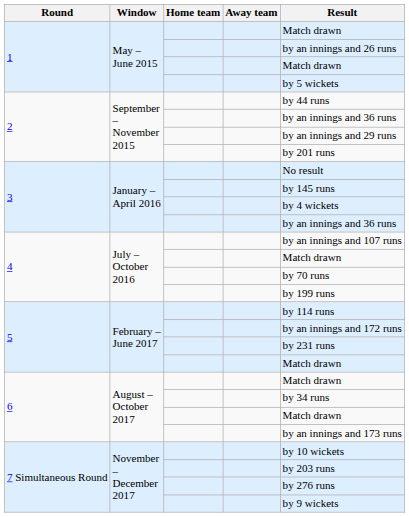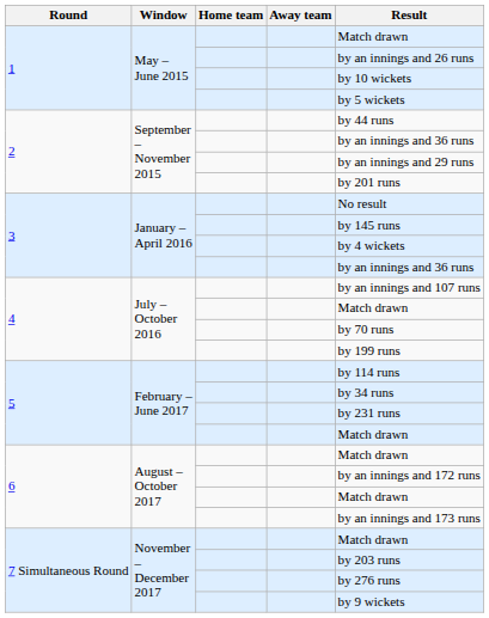 <table class="wikitable sortable">
 <tr>
 <th>Round</th>
 <th style="width:70px">Window</th>
 <th>Home team</th>
 <th>Away team</th>
 <th>Result</th>
 </tr>
 <tr style="background:#ddeeff">
 <td rowspan=4><a href='#'>1</a></td>
 <td rowspan=4>May – June 2015</td>
 <td></td>
 <td></td>
 <td>Match drawn</td>
 </tr>
 <tr style="background:#ddeeff">
 <td></td>
 <td></td>
 <td> by an innings and 26 runs</td>
 </tr>
 <tr style="background:#ddeeff">
 <td></td>
 <td></td>
-<td>Match drawn</td>
+<td> by 10 wickets</td>
 </tr>
 <tr style="background:#ddeeff">
 <td></td>
 <td></td>
 <td> by 5 wickets</td>
 </tr>
 <tr>
 <td rowspan=4><a href='#'>2</a></td>
 <td rowspan=4>September – November 2015</td>
 <td></td>
 <td></td>
 <td> by 44 runs</td>
 </tr>
 <tr>
 <td></td>
 <td></td>
 <td> by an innings and 36 runs</td>
 </tr>
 <tr>
 <td></td>
 <td></td>
 <td> by an innings and 29 runs</td>
 </tr>
 <tr>
 <td></td>
 <td></td>
 <td> by 201 runs</td>
 </tr>
 <tr style="background:#ddeeff">
 <td rowspan=4><a href='#'>3</a></td>
 <td rowspan=4>January – April 2016</td>
 <td></td>
 <td></td>
 <td>No result</td>
 </tr>
 <tr style="background:#ddeeff">
 <td></td>
 <td></td>
 <td> by 145 runs</td>
 </tr>
 <tr style="background:#ddeeff">
 <td></td>
 <td></td>
 <td> by 4 wickets</td>
 </tr>
 <tr style="background:#ddeeff">
 <td></td>
 <td></td>
 <td> by an innings and 36 runs</td>
 </tr>
 <tr>
 <td rowspan=4><a href='#'>4</a></td>
 <td rowspan=4>July – October 2016</td>
 <td></td>
 <td></td>
 <td> by an innings and 107 runs</td>
 </tr>
 <tr>
 <td></td>
 <td></td>
 <td>Match drawn</td>
 </tr>
 <tr>
 <td></td>
 <td></td>
 <td> by 70 runs</td>
 </tr>
 <tr>
 <td></td>
 <td></td>
 <td> by 199 runs</td>
 </tr>
 <tr style="background:#ddeeff">
 <td rowspan=4><a href='#'>5</a></td>
 <td rowspan=4>February – June 2017</td>
 <td></td>
 <td></td>
 <td> by 114 runs</td>
 </tr>
 <tr style="background:#ddeeff">
 <td></td>
 <td></td>
-<td> by an innings and 172 runs</td>
+<td> by 34 runs</td>
 </tr>
 <tr style="background:#ddeeff">
 <td></td>
 <td></td>
 <td> by 231 runs</td>
 </tr>
 <tr style="background:#ddeeff">
 <td></td>
 <td></td>
 <td>Match drawn</td>
 </tr>
 <tr>
 <td rowspan=4><a href='#'>6</a></td>
 <td rowspan=4>August – October 2017</td>
 <td></td>
 <td></td>
 <td>Match drawn</td>
 </tr>
 <tr>
 <td></td>
 <td></td>
-<td> by 34 runs</td>
+<td> by an innings and 172 runs</td>
 </tr>
 <tr>
 <td></td>
 <td></td>
 <td>Match drawn</td>
 </tr>
 <tr>
 <td></td>
 <td></td>
 <td> by an innings and 173 runs</td>
 </tr>
 <tr style="background:#ddeeff">
 <td rowspan=4><a href='#'>7</a> Simultaneous Round</td>
 <td rowspan=4>November – December 2017</td>
 <td></td>
 <td></td>
-<td> by 10 wickets</td>
+<td>Match drawn</td>
 </tr>
 <tr style="background:#ddeeff">
 <td></td>
 <td></td>
 <td> by 203 runs</td>
 </tr>
 <tr style="background:#ddeeff">
 <td></td>
 <td></td>
 <td> by 276 runs</td>
 </tr>
 <tr style="background:#ddeeff">
 <td></td>
 <td></td>
 <td> by 9 wickets</td>
 </tr>
 </table>
